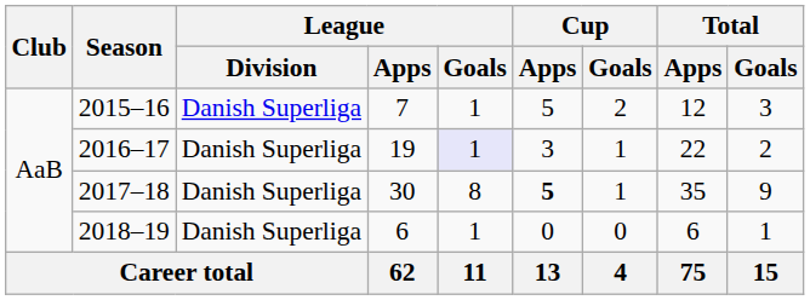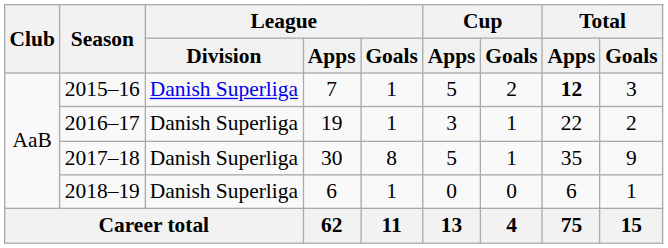 <table class="wikitable" style="text-align: center;">
 <tr>
 <th rowspan="2">Club</th>
 <th rowspan="2">Season</th>
 <th colspan="3">League</th>
 <th colspan="2">Cup</th>
 <th colspan="2">Total</th>
 </tr>
 <tr>
 <th>Division</th>
 <th>Apps</th>
 <th>Goals</th>
 <th>Apps</th>
 <th>Goals</th>
 <th>Apps</th>
 <th>Goals</th>
 </tr>
 <tr>
 <td rowspan="4">AaB</td>
 <td>2015–16</td>
 <td><a href='#'>Danish Superliga</a></td>
 <td>7</td>
 <td>1</td>
 <td>5</td>
 <td>2</td>
-<td>12</td>
+<td><strong>12</strong></td>
 <td>3</td>
 </tr>
 <tr>
 <td>2016–17</td>
 <td>Danish Superliga</td>
 <td>19</td>
-<td style="background: lavender;">1</td>
+<td>1</td>
 <td>3</td>
 <td>1</td>
 <td>22</td>
 <td>2</td>
 </tr>
 <tr>
 <td>2017–18</td>
 <td>Danish Superliga</td>
 <td>30</td>
 <td>8</td>
-<td><strong>5</strong></td>
+<td>5</td>
 <td>1</td>
 <td>35</td>
 <td>9</td>
 </tr>
 <tr>
 <td>2018–19</td>
 <td>Danish Superliga</td>
 <td>6</td>
 <td>1</td>
 <td>0</td>
 <td>0</td>
 <td>6</td>
 <td>1</td>
 </tr>
 <tr>
 <th colspan="3">Career total</th>
 <th>62</th>
 <th>11</th>
 <th>13</th>
 <th>4</th>
 <th>75</th>
 <th>15</th>
 </tr>
 </table>
